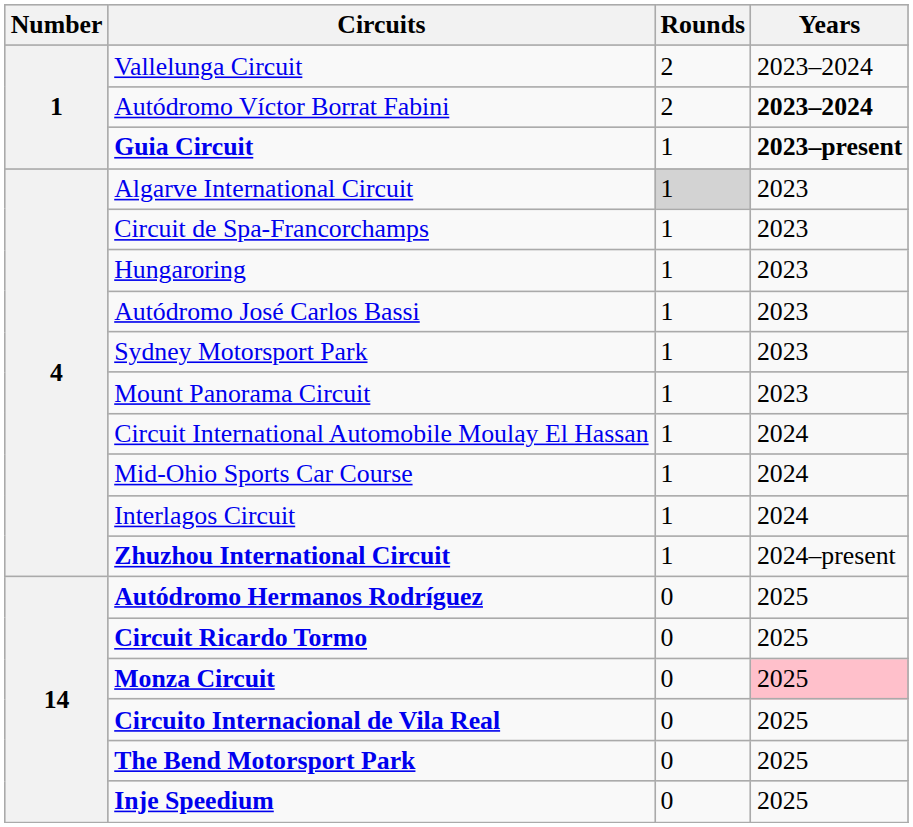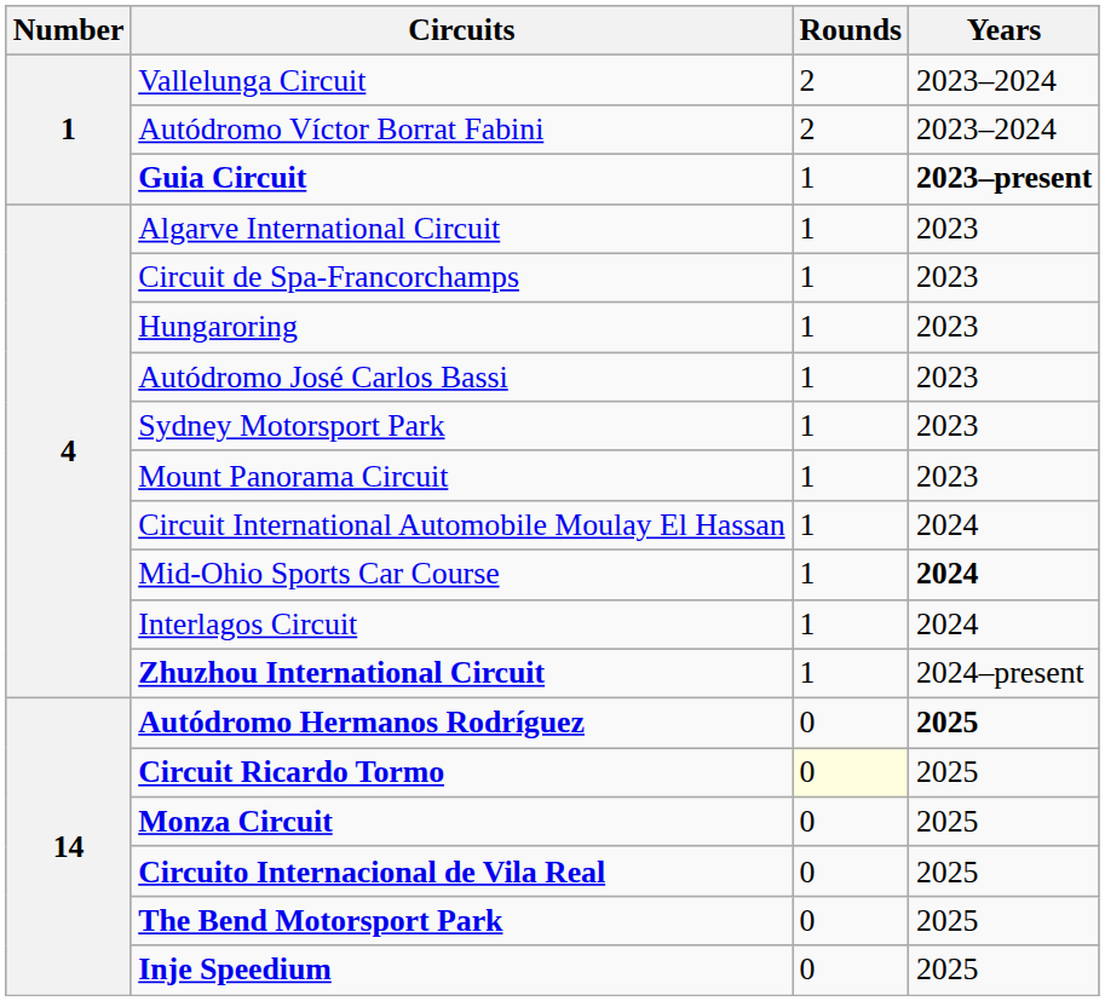 <table class="wikitable" style="text-align=center">
 <tr>
 <th>Number</th>
 <th>Circuits</th>
 <th>Rounds</th>
 <th>Years</th>
 </tr>
 <tr>
 <th rowspan=3>1</th>
 <td> <a href='#'>Vallelunga Circuit</a></td>
 <td>2</td>
 <td>2023–2024</td>
 </tr>
 <tr>
 <td> <a href='#'>Autódromo Víctor Borrat Fabini</a></td>
 <td>2</td>
-<td><strong>2023–2024</strong></td>
+<td>2023–2024</td>
 </tr>
 <tr>
 <td> <strong><a href='#'>Guia Circuit</a></strong></td>
 <td>1</td>
 <td><strong>2023–present</strong></td>
 </tr>
 <tr>
 <th rowspan=10>4</th>
 <td> <a href='#'>Algarve International Circuit</a></td>
-<td style="background: lightgrey;">1</td>
+<td>1</td>
 <td>2023</td>
 </tr>
 <tr>
 <td> <a href='#'>Circuit de Spa-Francorchamps</a></td>
 <td>1</td>
 <td>2023</td>
 </tr>
 <tr>
 <td> <a href='#'>Hungaroring</a></td>
 <td>1</td>
 <td>2023</td>
 </tr>
 <tr>
 <td> <a href='#'>Autódromo José Carlos Bassi</a></td>
 <td>1</td>
 <td>2023</td>
 </tr>
 <tr>
 <td> <a href='#'>Sydney Motorsport Park</a></td>
 <td>1</td>
 <td>2023</td>
 </tr>
 <tr>
 <td> <a href='#'>Mount Panorama Circuit</a></td>
 <td>1</td>
 <td>2023</td>
 </tr>
 <tr>
 <td> <a href='#'>Circuit International Automobile Moulay El Hassan</a></td>
 <td>1</td>
 <td>2024</td>
 </tr>
 <tr>
 <td> <a href='#'>Mid-Ohio Sports Car Course</a></td>
 <td>1</td>
-<td>2024</td>
+<td><strong>2024</strong></td>
 </tr>
 <tr>
 <td> <a href='#'>Interlagos Circuit</a></td>
 <td>1</td>
 <td>2024</td>
 </tr>
 <tr>
 <td> <strong><a href='#'>Zhuzhou International Circuit</a></strong></td>
 <td>1</td>
 <td>2024–present</td>
 </tr>
 <tr>
 <th rowspan=6>14</th>
 <td> <strong><a href='#'>Autódromo Hermanos Rodríguez</a></strong></td>
 <td>0</td>
-<td>2025</td>
+<td><strong>2025</strong></td>
 </tr>
 <tr>
 <td> <strong><a href='#'>Circuit Ricardo Tormo</a></strong></td>
-<td>0</td>
+<td style="background: lightyellow;">0</td>
 <td>2025</td>
 </tr>
 <tr>
 <td> <strong><a href='#'>Monza Circuit</a></strong></td>
 <td>0</td>
-<td style="background: pink;">2025</td>
+<td>2025</td>
 </tr>
 <tr>
 <td> <strong><a href='#'>Circuito Internacional de Vila Real</a></strong></td>
 <td>0</td>
 <td>2025</td>
 </tr>
 <tr>
 <td> <strong><a href='#'>The Bend Motorsport Park</a></strong></td>
 <td>0</td>
 <td>2025</td>
 </tr>
 <tr>
 <td> <strong><a href='#'>Inje Speedium</a></strong></td>
 <td>0</td>
 <td>2025</td>
 </tr>
 <tr>
 </tr>
 </table>
